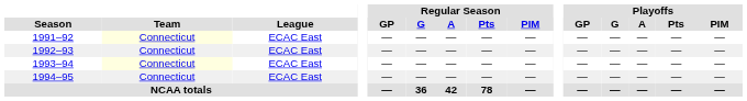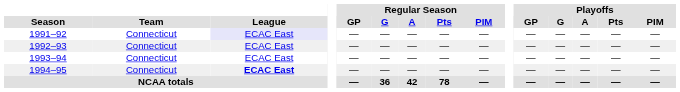 <table border="0" cellpadding="1" cellspacing="0" style="text-align:center; width:70em">
 <tr bgcolor="#e0e0e0">
 <th colspan="3"  bgcolor="#ffffff"> </th>
 <th rowspan="99" bgcolor="#ffffff"> </th>
 <th colspan="5">Regular Season</th>
 <th rowspan="99" bgcolor="#ffffff"> </th>
 <th colspan="5">Playoffs</th>
 </tr>
 <tr bgcolor="#e0e0e0">
 <th>Season</th>
 <th>Team</th>
 <th>League</th>
 <th>GP</th>
 <th><a href='#'>G</a></th>
 <th><a href='#'>A</a></th>
 <th><a href='#'>Pts</a></th>
 <th><a href='#'>PIM</a></th>
 <th>GP</th>
 <th>G</th>
 <th>A</th>
 <th>Pts</th>
 <th>PIM</th>
 </tr>
 <tr>
 <td><a href='#'>1991–92</a></td>
-<td style="background: lightyellow;"><a href='#'>Connecticut</a></td>
-<td><a href='#'>ECAC East</a></td>
+<td><a href='#'>Connecticut</a></td>
+<td style="background: lavender;"><a href='#'>ECAC East</a></td>
 <td>—</td>
 <td>—</td>
 <td>—</td>
 <td>—</td>
 <td>—</td>
 <td>—</td>
 <td>—</td>
 <td>—</td>
 <td>—</td>
 <td>—</td>
 </tr>
 <tr bgcolor="f0f0f0">
 <td><a href='#'>1992–93</a></td>
 <td><a href='#'>Connecticut</a></td>
 <td><a href='#'>ECAC East</a></td>
 <td>—</td>
 <td>—</td>
 <td>—</td>
 <td>—</td>
 <td>—</td>
 <td>—</td>
 <td>—</td>
 <td>—</td>
 <td>—</td>
 <td>—</td>
 </tr>
 <tr>
 <td><a href='#'>1993–94</a></td>
-<td style="background: lightyellow;"><a href='#'>Connecticut</a></td>
+<td><a href='#'>Connecticut</a></td>
 <td><a href='#'>ECAC East</a></td>
 <td>—</td>
 <td>—</td>
 <td>—</td>
 <td>—</td>
 <td>—</td>
 <td>—</td>
 <td>—</td>
 <td>—</td>
 <td>—</td>
 <td>—</td>
 </tr>
 <tr bgcolor="f0f0f0">
 <td><a href='#'>1994–95</a></td>
 <td><a href='#'>Connecticut</a></td>
-<td><a href='#'>ECAC East</a></td>
+<td><strong><a href='#'>ECAC East</a></strong></td>
 <td>—</td>
 <td>—</td>
 <td>—</td>
 <td>—</td>
 <td>—</td>
 <td>—</td>
 <td>—</td>
 <td>—</td>
 <td>—</td>
 <td>—</td>
 </tr>
 <tr bgcolor="#e0e0e0">
 <th colspan="3">NCAA totals</th>
 <th>—</th>
 <th>36</th>
 <th>42</th>
 <th>78</th>
 <th>—</th>
 <th>—</th>
 <th>—</th>
 <th>—</th>
 <th>—</th>
 <th>—</th>
 </tr>
 </table>
